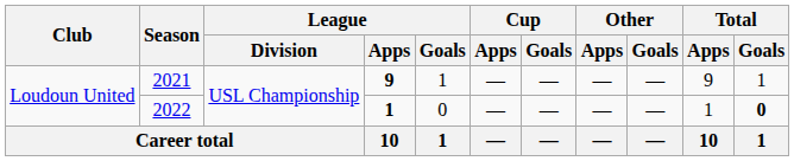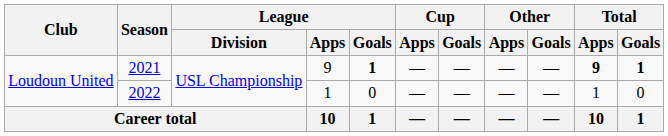 <table class=wikitable style=text-align:center>
 <tr>
 <th rowspan=2>Club</th>
 <th rowspan=2>Season</th>
 <th colspan=3>League</th>
 <th colspan=2>Cup</th>
 <th colspan=2>Other</th>
 <th colspan=2>Total</th>
 </tr>
 <tr>
 <th>Division</th>
 <th>Apps</th>
 <th>Goals</th>
 <th>Apps</th>
 <th>Goals</th>
 <th>Apps</th>
 <th>Goals</th>
 <th>Apps</th>
 <th>Goals</th>
 </tr>
 <tr>
 <td rowspan="2"><a href='#'>Loudoun United</a></td>
 <td><a href='#'>2021</a></td>
 <td rowspan="2"><a href='#'>USL Championship</a></td>
-<td><strong>9</strong></td>
-<td>1</td>
+<td>9</td>
+<td><strong>1</strong></td>
 <td>—</td>
 <td>—</td>
 <td>—</td>
 <td>—</td>
-<td>9</td>
-<td>1</td>
+<td><strong>9</strong></td>
+<td><strong>1</strong></td>
 </tr>
 <tr>
 <td><a href='#'>2022</a></td>
-<td><strong>1</strong></td>
+<td>1</td>
 <td>0</td>
 <td>—</td>
 <td>—</td>
 <td>—</td>
 <td>—</td>
 <td>1</td>
-<td><strong>0</strong></td>
+<td>0</td>
 </tr>
 <tr>
 <th colspan=3>Career total</th>
 <th>10</th>
 <th>1</th>
 <th>—</th>
 <th>—</th>
 <th>—</th>
 <th>—</th>
 <th>10</th>
 <th>1</th>
 </tr>
 </table>
